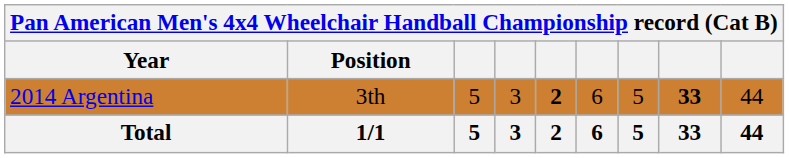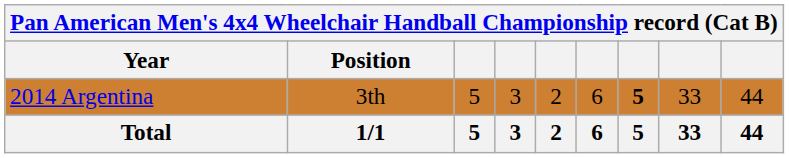 <table class="wikitable" style="text-align: center;">
 <tr>
 <th colspan=10><a href='#'>Pan American Men's 4x4 Wheelchair Handball Championship</a> record (Cat B)</th>
 </tr>
 <tr>
 <th>Year</th>
 <th>Position</th>
 <th></th>
 <th></th>
 <th></th>
 <th></th>
 <th></th>
 <th></th>
 <th></th>
 </tr>
 <tr style="background:#CD7F32">
 <td align=left> <a href='#'>2014 Argentina</a></td>
 <td>3th</td>
 <td>5</td>
 <td>3</td>
-<td><strong>2</strong></td>
+<td>2</td>
 <td>6</td>
-<td>5</td>
-<td><strong>33</strong></td>
+<td><strong>5</strong></td>
+<td>33</td>
 <td>44</td>
 </tr>
 <tr>
 <th>Total</th>
 <th>1/1</th>
 <th>5</th>
 <th>3</th>
 <th>2</th>
 <th>6</th>
 <th>5</th>
 <th>33</th>
 <th>44</th>
 </tr>
 </table>
